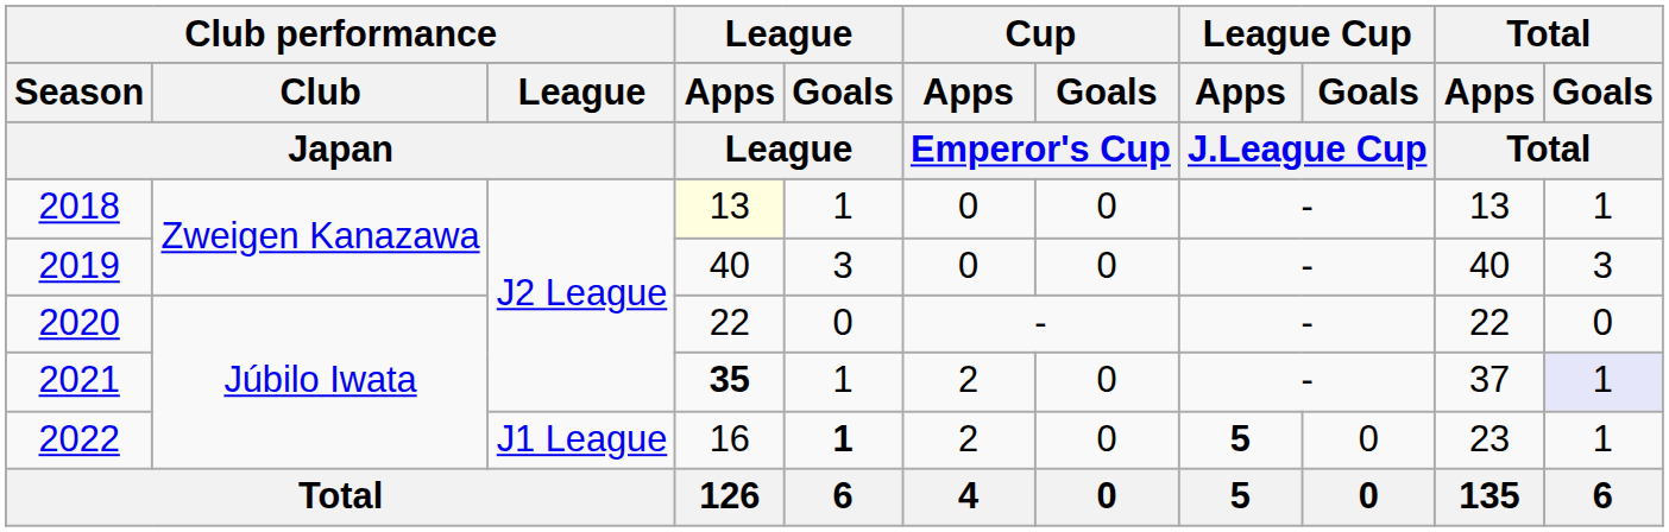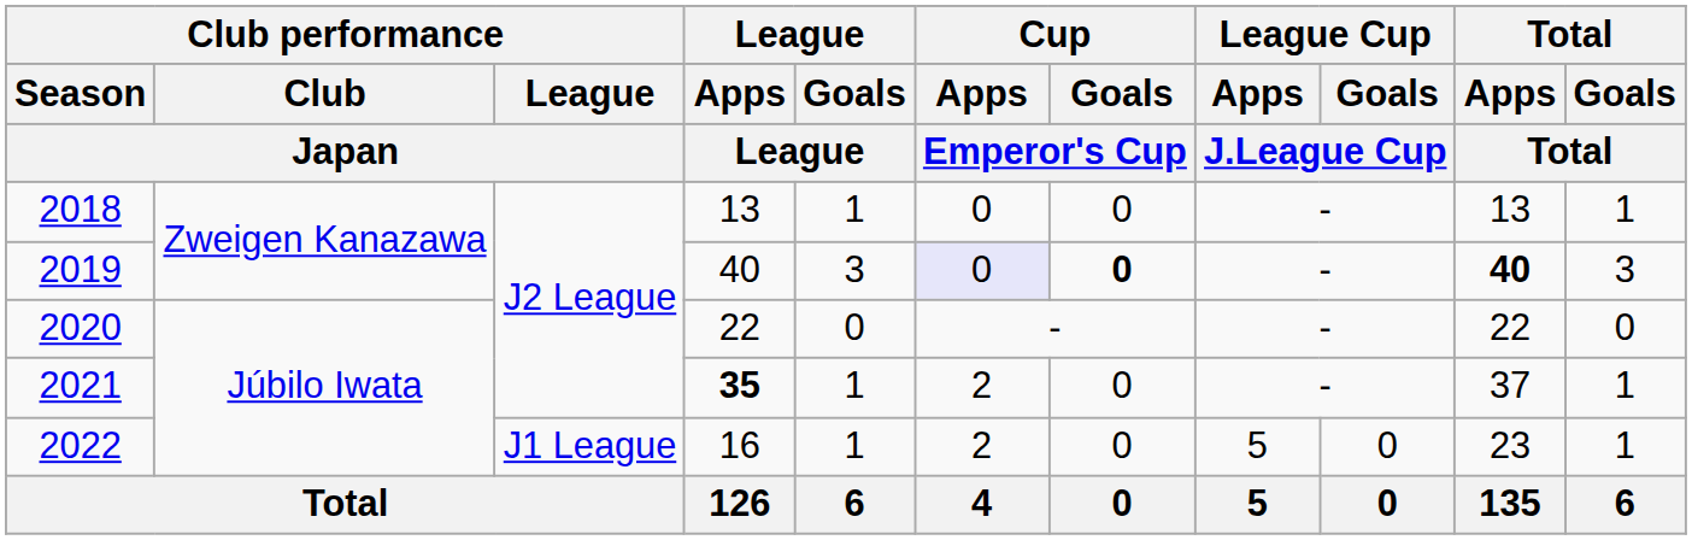 <table class="wikitable" style="text-align:center;">
 <tr>
 <th colspan=3>Club performance</th>
 <th colspan=2>League</th>
 <th colspan=2>Cup</th>
 <th colspan=2>League Cup</th>
 <th colspan=2>Total</th>
 </tr>
 <tr>
 <th>Season</th>
 <th>Club</th>
 <th>League</th>
 <th>Apps</th>
 <th>Goals</th>
 <th>Apps</th>
 <th>Goals</th>
 <th>Apps</th>
 <th>Goals</th>
 <th>Apps</th>
 <th>Goals</th>
 </tr>
 <tr>
 <th colspan=3>Japan</th>
 <th colspan=2>League</th>
 <th colspan=2><a href='#'>Emperor's Cup</a></th>
 <th colspan=2><a href='#'>J.League Cup</a></th>
 <th colspan=2>Total</th>
 </tr>
 <tr>
 <td><a href='#'>2018</a></td>
 <td rowspan=2><a href='#'>Zweigen Kanazawa</a></td>
 <td rowspan="4"><a href='#'>J2 League</a></td>
-<td style="background: lightyellow;">13</td>
+<td>13</td>
 <td>1</td>
 <td>0</td>
 <td>0</td>
 <td colspan=2>-</td>
 <td>13</td>
 <td>1</td>
 </tr>
 <tr>
 <td><a href='#'>2019</a></td>
 <td>40</td>
 <td>3</td>
-<td>0</td>
-<td>0</td>
+<td style="background: lavender;">0</td>
+<td><strong>0</strong></td>
 <td colspan=2>-</td>
-<td>40</td>
+<td><strong>40</strong></td>
 <td>3</td>
 </tr>
 <tr>
 <td><a href='#'>2020</a></td>
 <td rowspan="3"><a href='#'>Júbilo Iwata</a></td>
 <td>22</td>
 <td>0</td>
 <td colspan="2">-</td>
 <td colspan="2">-</td>
 <td>22</td>
 <td>0</td>
 </tr>
 <tr>
 <td><a href='#'>2021</a></td>
 <td><strong>35</strong></td>
 <td>1</td>
 <td>2</td>
 <td>0</td>
 <td colspan="2">-</td>
 <td>37</td>
-<td style="background: lavender;">1</td>
+<td>1</td>
 </tr>
 <tr>
 <td><a href='#'>2022</a></td>
 <td><a href='#'>J1 League</a></td>
 <td>16</td>
-<td><strong>1</strong></td>
+<td>1</td>
 <td>2</td>
 <td>0</td>
-<td><strong>5</strong></td>
+<td>5</td>
 <td>0</td>
 <td>23</td>
 <td>1</td>
 </tr>
 <tr>
 <th colspan="3">Total</th>
 <th>126</th>
 <th>6</th>
 <th>4</th>
 <th>0</th>
 <th>5</th>
 <th>0</th>
 <th>135</th>
 <th>6</th>
 </tr>
 </table>
